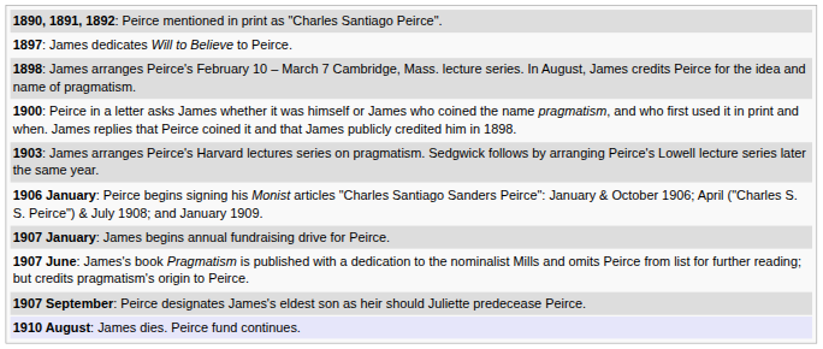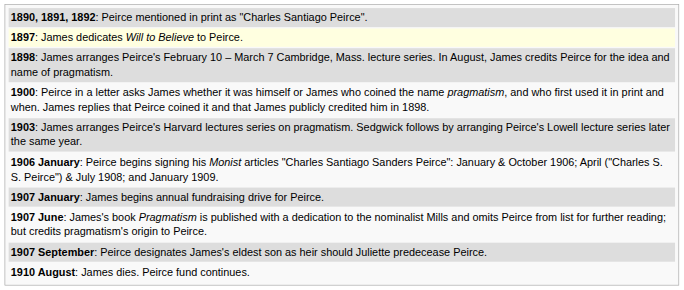 <table cellPadding=3 class=infobox style="font-size:100%;width:50%;line-height:135%;border:solid 1px #aaa">
 <tr>
 <td bgcolor=#dddddd><strong>1890, 1891, 1892</strong>: Peirce mentioned in print as "Charles Santiago Peirce".</td>
 </tr>
 <tr>
-<td><strong>1897</strong>: James dedicates <em>Will to Believe</em> to Peirce.</td>
+<td style="background: lightyellow;"><strong>1897</strong>: James dedicates <em>Will to Believe</em> to Peirce.</td>
 </tr>
 <tr>
 <td bgcolor=#dddddd><strong>1898</strong>: James arranges Peirce's February 10 – March 7 Cambridge, Mass. lecture series. In August, James credits Peirce for the idea and name of pragmatism.</td>
 </tr>
 <tr>
 <td><strong>1900</strong>: Peirce in a letter asks James whether it was himself or James who coined the name <em>pragmatism</em>, and who first used it in print and when. James replies that Peirce coined it and that James publicly credited him in 1898.</td>
 </tr>
 <tr>
 <td bgcolor=#dddddd><strong>1903</strong>: James arranges Peirce's Harvard lectures series on pragmatism. Sedgwick follows by arranging Peirce's Lowell lecture series later the same year.</td>
 </tr>
 <tr>
 <td><strong>1906 January</strong>: Peirce begins signing his <em>Monist</em> articles "Charles Santiago Sanders Peirce": January & October 1906; April ("Charles S. S. Peirce") & July 1908; and January 1909.</td>
 </tr>
 <tr>
 <td bgcolor=#dddddd><strong>1907 January</strong>: James begins annual fundraising drive for Peirce.</td>
 </tr>
 <tr>
 <td><strong>1907 June</strong>: James's book <em>Pragmatism</em> is published with a dedication to the nominalist Mills and omits Peirce from list for further reading; but credits pragmatism's origin to Peirce.</td>
 </tr>
 <tr>
 <td bgcolor=#dddddd><strong>1907 September</strong>: Peirce designates James's eldest son as heir should Juliette predecease Peirce.</td>
 </tr>
 <tr>
-<td style="background: lavender;"><strong>1910 August</strong>: James dies. Peirce fund continues.</td>
+<td><strong>1910 August</strong>: James dies. Peirce fund continues.</td>
 </tr>
 </table>
